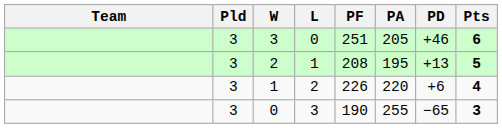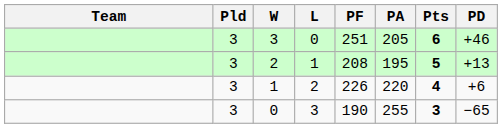 <table class=wikitable style="text-align:center">
 <tr>
 <th width=180>Team</th>
 <th width=30>Pld</th>
 <th width=30>W</th>
 <th width=30>L</th>
 <th width=30>PF</th>
 <th width=30>PA</th>
+<th width=30>Pts</th>
 <th width=30>PD</th>
-<th width=30>Pts</th>
 </tr>
 <tr align=center bgcolor="#ccffcc">
 <td align=left></td>
 <td>3</td>
 <td>3</td>
 <td>0</td>
 <td>251</td>
 <td>205</td>
+<td><strong>6</strong></td>
 <td>+46</td>
-<td><strong>6</strong></td>
 </tr>
 <tr align=center bgcolor="#ccffcc">
 <td align=left></td>
 <td>3</td>
 <td>2</td>
 <td>1</td>
 <td>208</td>
 <td>195</td>
+<td><strong>5</strong></td>
 <td>+13</td>
-<td><strong>5</strong></td>
 </tr>
 <tr align=center>
 <td align=left></td>
 <td>3</td>
 <td>1</td>
 <td>2</td>
 <td>226</td>
 <td>220</td>
+<td><strong>4</strong></td>
 <td>+6</td>
-<td><strong>4</strong></td>
 </tr>
 <tr align=center>
 <td align=left></td>
 <td>3</td>
 <td>0</td>
 <td>3</td>
 <td>190</td>
 <td>255</td>
+<td><strong>3</strong></td>
 <td>−65</td>
-<td><strong>3</strong></td>
 </tr>
 </table>
